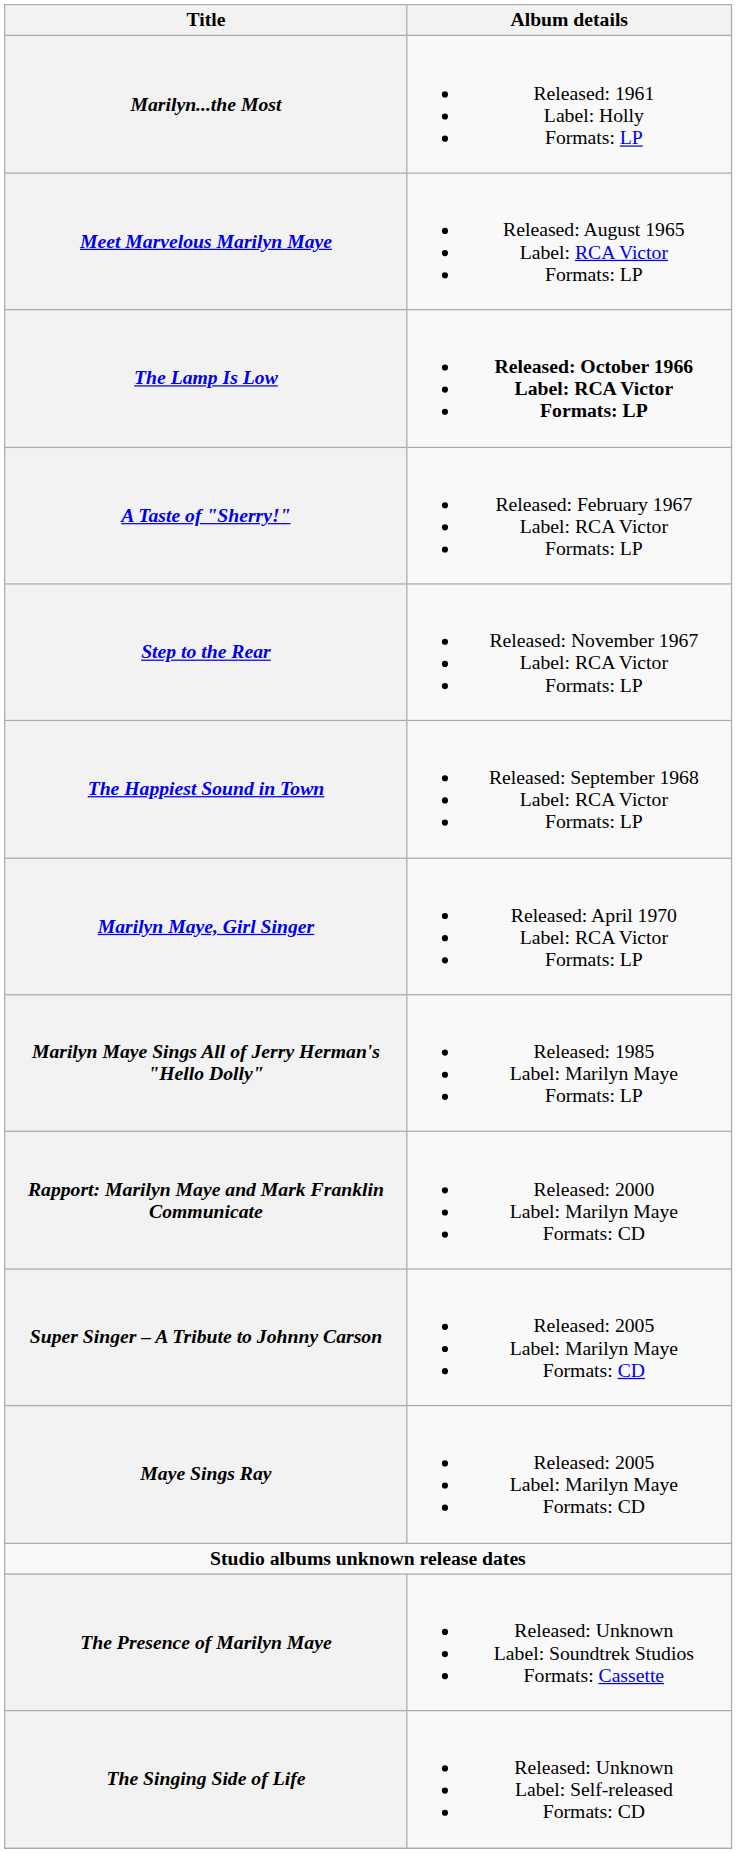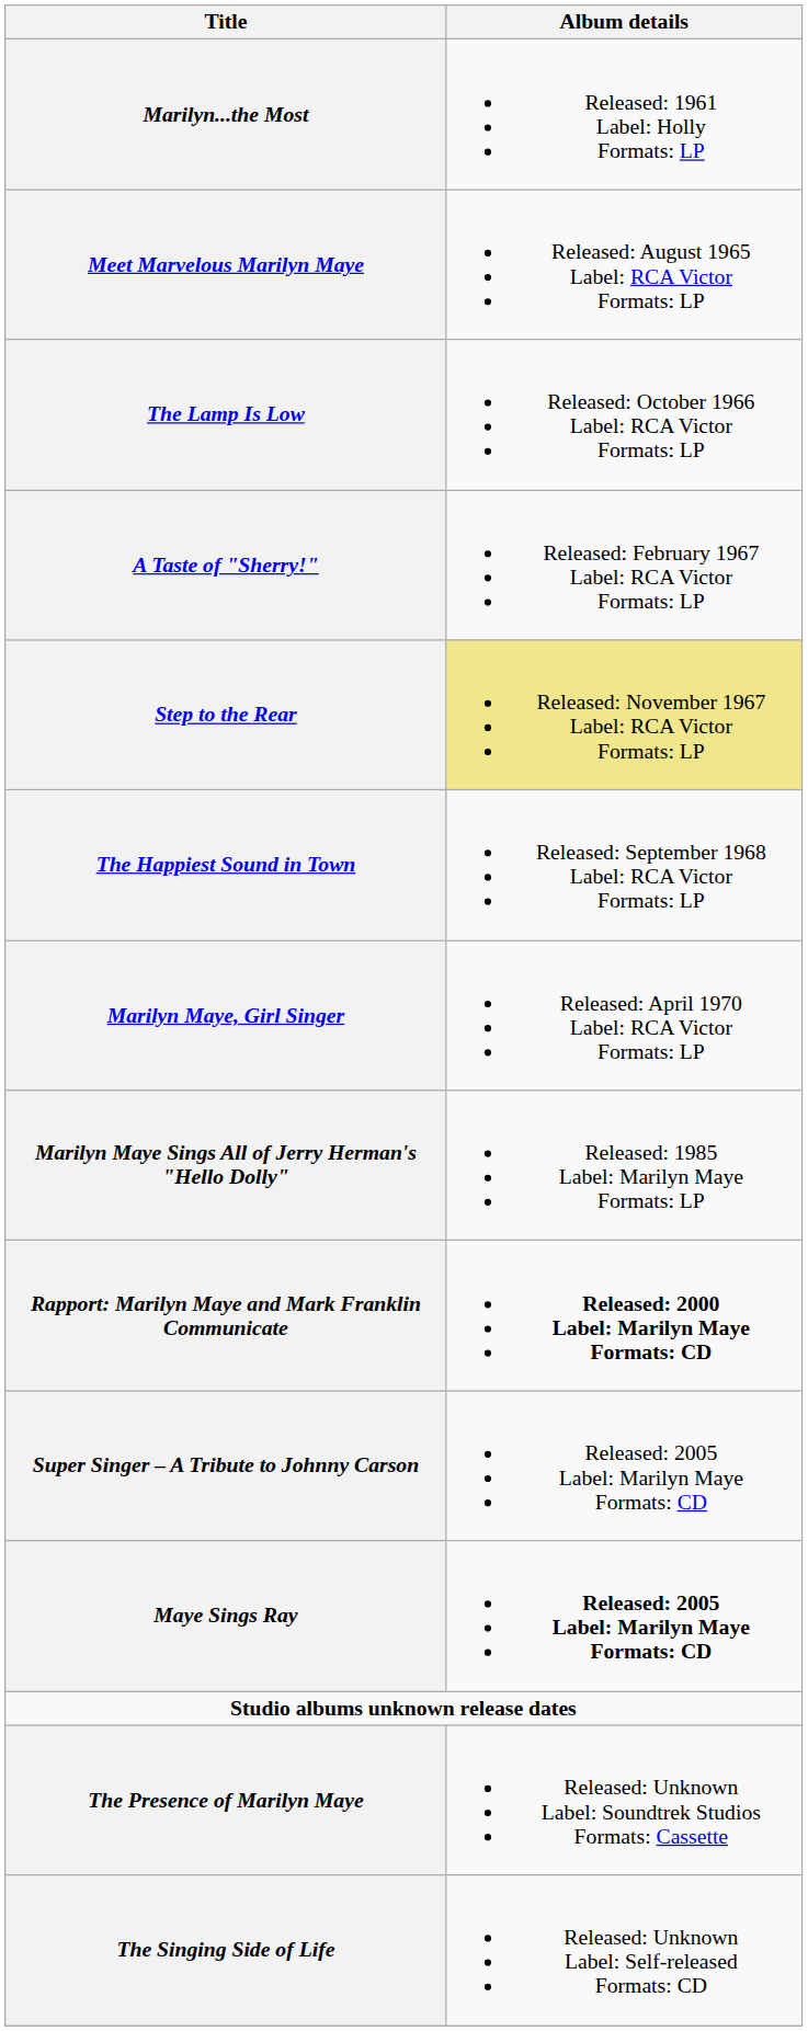 <table class="wikitable plainrowheaders" style="text-align:center;">
 <tr>
 <th scope="col" style="width:20em;">Title</th>
 <th scope="col" style="width:16em;">Album details</th>
 </tr>
 <tr>
 <th scope="row"><em>Marilyn...the Most</em></th>
 <td><br><ul><li>Released: 1961</li><li>Label: Holly</li><li>Formats: <a href='#'>LP</a></li></ul></td>
 </tr>
 <tr>
 <th scope="row"><em><a href='#'>Meet Marvelous Marilyn Maye</a></em></th>
 <td><br><ul><li>Released: August 1965</li><li>Label: <a href='#'>RCA Victor</a></li><li>Formats: LP</li></ul></td>
 </tr>
 <tr>
 <th scope="row"><em><a href='#'>The Lamp Is Low</a></em></th>
-<td><strong><br><ul><li>Released: October 1966</li><li>Label: RCA Victor</li><li>Formats: LP</li></ul></strong></td>
+<td><br><ul><li>Released: October 1966</li><li>Label: RCA Victor</li><li>Formats: LP</li></ul></td>
 </tr>
 <tr>
 <th scope="row"><em><a href='#'>A Taste of "Sherry!"</a></em></th>
 <td><br><ul><li>Released: February 1967</li><li>Label: RCA Victor</li><li>Formats: LP</li></ul></td>
 </tr>
 <tr>
 <th scope="row"><em><a href='#'>Step to the Rear</a></em></th>
-<td><br><ul><li>Released: November 1967</li><li>Label: RCA Victor</li><li>Formats: LP</li></ul></td>
+<td style="background: khaki;"><br><ul><li>Released: November 1967</li><li>Label: RCA Victor</li><li>Formats: LP</li></ul></td>
 </tr>
 <tr>
 <th scope="row"><em><a href='#'>The Happiest Sound in Town</a></em></th>
 <td><br><ul><li>Released: September 1968</li><li>Label: RCA Victor</li><li>Formats: LP</li></ul></td>
 </tr>
 <tr>
 <th scope="row"><em><a href='#'>Marilyn Maye, Girl Singer</a></em></th>
 <td><br><ul><li>Released: April 1970</li><li>Label: RCA Victor</li><li>Formats: LP</li></ul></td>
 </tr>
 <tr>
 <th scope="row"><em>Marilyn Maye Sings All of Jerry Herman's "Hello Dolly"</em></th>
 <td><br><ul><li>Released: 1985</li><li>Label: Marilyn Maye</li><li>Formats: LP</li></ul></td>
 </tr>
 <tr>
 <th scope="row"><em>Rapport: Marilyn Maye and Mark Franklin Communicate</em><br></th>
-<td><br><ul><li>Released: 2000</li><li>Label: Marilyn Maye</li><li>Formats: CD</li></ul></td>
+<td><strong><br><ul><li>Released: 2000</li><li>Label: Marilyn Maye</li><li>Formats: CD</li></ul></strong></td>
 </tr>
 <tr>
 <th scope="row"><em>Super Singer – A Tribute to Johnny Carson</em></th>
 <td><br><ul><li>Released: 2005</li><li>Label: Marilyn Maye</li><li>Formats: <a href='#'>CD</a></li></ul></td>
 </tr>
 <tr>
 <th scope="row"><em>Maye Sings Ray</em></th>
-<td><br><ul><li>Released: 2005</li><li>Label: Marilyn Maye</li><li>Formats: CD</li></ul></td>
+<td><strong><br><ul><li>Released: 2005</li><li>Label: Marilyn Maye</li><li>Formats: CD</li></ul></strong></td>
 </tr>
 <tr>
 <td colspan="2"><strong>Studio albums unknown release dates</strong></td>
 </tr>
 <tr>
 <th scope="row"><em>The Presence of Marilyn Maye</em></th>
 <td><br><ul><li>Released: Unknown</li><li>Label: Soundtrek Studios</li><li>Formats: <a href='#'>Cassette</a></li></ul></td>
 </tr>
 <tr>
 <th scope="row"><em>The Singing Side of Life</em></th>
 <td><br><ul><li>Released: Unknown</li><li>Label: Self-released</li><li>Formats: CD</li></ul></td>
 </tr>
 <tr>
 </tr>
 </table>
